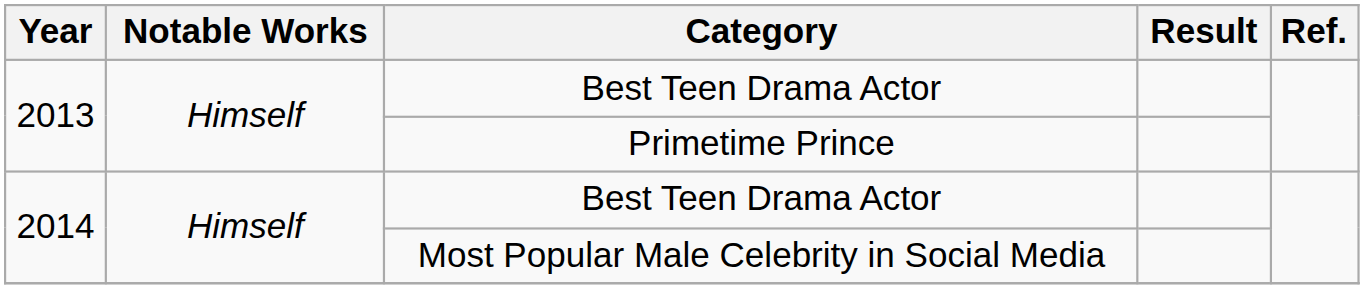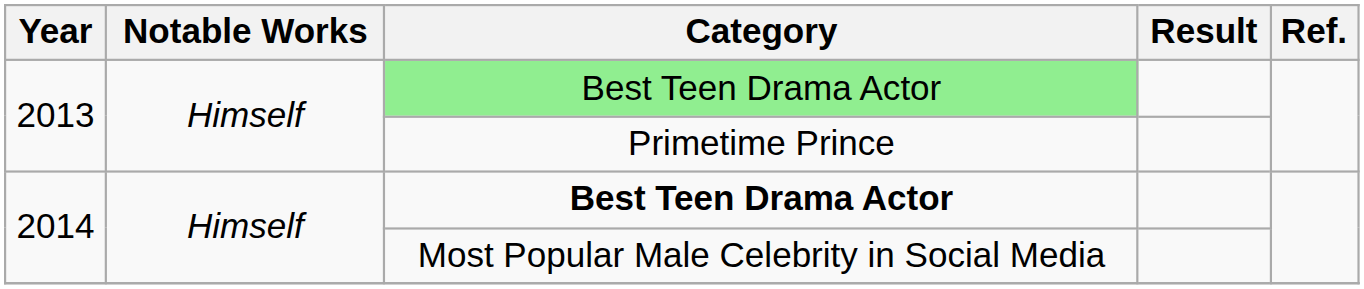 <table class="wikitable" style="text-align:center" width=70%>
 <tr>
 <th>Year</th>
 <th>Notable Works</th>
 <th>Category</th>
 <th>Result</th>
 <th>Ref.</th>
 </tr>
 <tr>
 <td rowspan=2>2013</td>
 <td rowspan=2><em>Himself</em></td>
-<td>Best Teen Drama Actor</td>
+<td style="background: lightgreen;">Best Teen Drama Actor</td>
 <td></td>
 <td rowspan=2></td>
 </tr>
 <tr>
 <td>Primetime Prince</td>
 <td></td>
 </tr>
 <tr>
 <td rowspan=2>2014</td>
 <td rowspan=2><em>Himself</em></td>
-<td>Best Teen Drama Actor</td>
+<td><strong>Best Teen Drama Actor</strong></td>
 <td></td>
 <td rowspan=2></td>
 </tr>
 <tr>
 <td>Most Popular Male Celebrity in Social Media</td>
 <td></td>
 </tr>
 <tr>
 </tr>
 </table>
